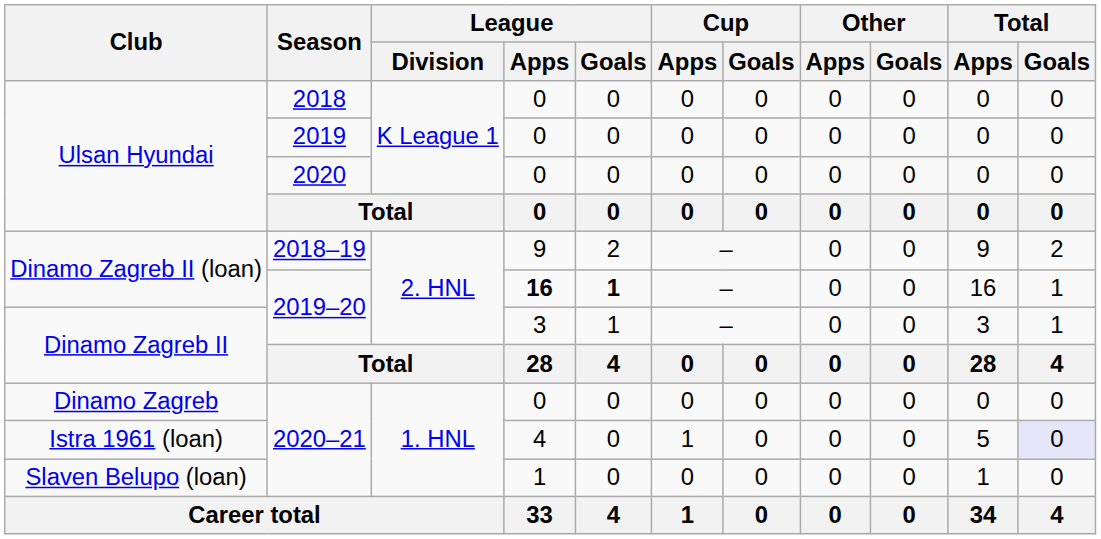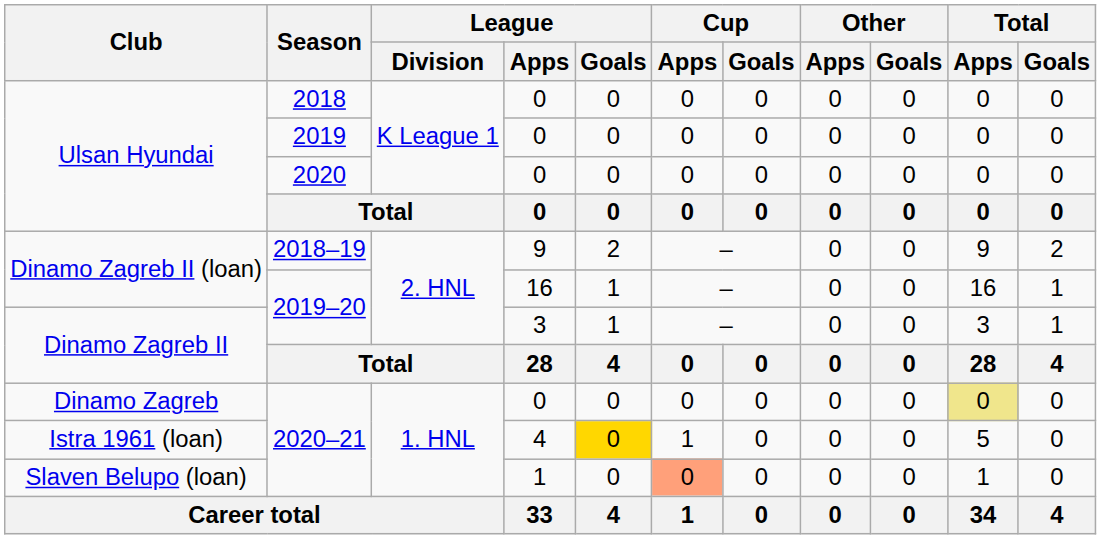 <table class="wikitable" style="text-align: center">
 <tr>
 <th rowspan="2">Club</th>
 <th rowspan="2">Season</th>
 <th colspan="3">League</th>
 <th colspan="2">Cup</th>
 <th colspan="2">Other</th>
 <th colspan="2">Total</th>
 </tr>
 <tr>
 <th>Division</th>
 <th>Apps</th>
 <th>Goals</th>
 <th>Apps</th>
 <th>Goals</th>
 <th>Apps</th>
 <th>Goals</th>
 <th>Apps</th>
 <th>Goals</th>
 </tr>
 <tr>
 <td rowspan="4"><a href='#'>Ulsan Hyundai</a></td>
 <td><a href='#'>2018</a></td>
 <td rowspan="3"><a href='#'>K League 1</a></td>
 <td>0</td>
 <td>0</td>
 <td>0</td>
 <td>0</td>
 <td>0</td>
 <td>0</td>
 <td>0</td>
 <td>0</td>
 </tr>
 <tr>
 <td><a href='#'>2019</a></td>
 <td>0</td>
 <td>0</td>
 <td>0</td>
 <td>0</td>
 <td>0</td>
 <td>0</td>
 <td>0</td>
 <td>0</td>
 </tr>
 <tr>
 <td><a href='#'>2020</a></td>
 <td>0</td>
 <td>0</td>
 <td>0</td>
 <td>0</td>
 <td>0</td>
 <td>0</td>
 <td>0</td>
 <td>0</td>
 </tr>
 <tr>
 <th colspan=2>Total</th>
 <th>0</th>
 <th>0</th>
 <th>0</th>
 <th>0</th>
 <th>0</th>
 <th>0</th>
 <th>0</th>
 <th>0</th>
 </tr>
 <tr>
 <td rowspan="2"><a href='#'>Dinamo Zagreb II</a> (loan)</td>
 <td><a href='#'>2018–19</a></td>
 <td rowspan="3"><a href='#'>2. HNL</a></td>
 <td>9</td>
 <td>2</td>
 <td colspan="2">–</td>
 <td>0</td>
 <td>0</td>
 <td>9</td>
 <td>2</td>
 </tr>
 <tr>
 <td rowspan="2"><a href='#'>2019–20</a></td>
-<td><strong>16</strong></td>
-<td><strong>1</strong></td>
+<td>16</td>
+<td>1</td>
 <td colspan="2">–</td>
 <td>0</td>
 <td>0</td>
 <td>16</td>
 <td>1</td>
 </tr>
 <tr>
 <td rowspan="2"><a href='#'>Dinamo Zagreb II</a></td>
 <td>3</td>
 <td>1</td>
 <td colspan="2">–</td>
 <td>0</td>
 <td>0</td>
 <td>3</td>
 <td>1</td>
 </tr>
 <tr>
 <th colspan=2>Total</th>
 <th>28</th>
 <th>4</th>
 <th>0</th>
 <th>0</th>
 <th>0</th>
 <th>0</th>
 <th>28</th>
 <th>4</th>
 </tr>
 <tr>
 <td><a href='#'>Dinamo Zagreb</a></td>
 <td rowspan="3"><a href='#'>2020–21</a></td>
 <td rowspan="3"><a href='#'>1. HNL</a></td>
 <td>0</td>
 <td>0</td>
 <td>0</td>
 <td>0</td>
 <td>0</td>
 <td>0</td>
-<td>0</td>
+<td style="background: khaki;">0</td>
 <td>0</td>
 </tr>
 <tr>
 <td><a href='#'>Istra 1961</a> (loan)</td>
 <td>4</td>
-<td>0</td>
+<td style="background: gold;">0</td>
 <td>1</td>
 <td>0</td>
 <td>0</td>
 <td>0</td>
 <td>5</td>
-<td style="background: lavender;">0</td>
+<td>0</td>
 </tr>
 <tr>
 <td><a href='#'>Slaven Belupo</a> (loan)</td>
 <td>1</td>
 <td>0</td>
-<td>0</td>
+<td style="background: lightsalmon;">0</td>
 <td>0</td>
 <td>0</td>
 <td>0</td>
 <td>1</td>
 <td>0</td>
 </tr>
 <tr>
 <th colspan=3>Career total</th>
 <th>33</th>
 <th>4</th>
 <th>1</th>
 <th>0</th>
 <th>0</th>
 <th>0</th>
 <th>34</th>
 <th>4</th>
 </tr>
 </table>
